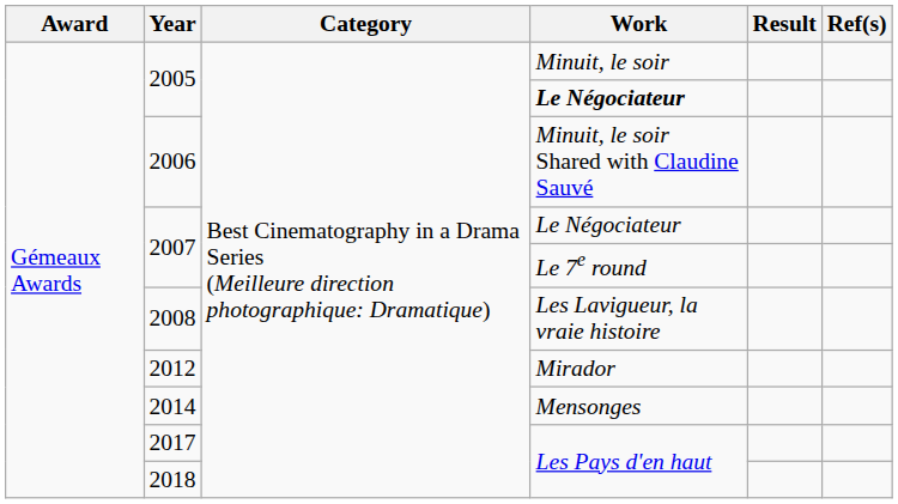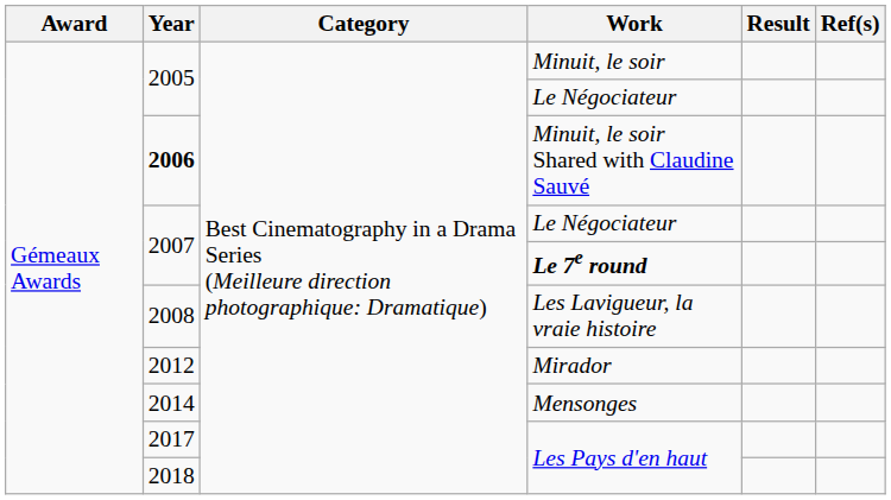 <table class="wikitable plainrowheaders sortable">
 <tr>
 <th>Award</th>
 <th>Year</th>
 <th>Category</th>
 <th>Work</th>
 <th>Result</th>
 <th>Ref(s)</th>
 </tr>
 <tr>
 <td rowspan=10><a href='#'>Gémeaux Awards</a></td>
 <td rowspan=2>2005</td>
 <td rowspan=10>Best Cinematography in a Drama Series<br>(<em>Meilleure direction photographique: Dramatique</em>)</td>
 <td><em>Minuit, le soir</em></td>
 <td></td>
 <td></td>
 </tr>
 <tr>
-<td><strong><em>Le Négociateur</em></strong></td>
+<td><em>Le Négociateur</em></td>
 <td></td>
 <td></td>
 </tr>
 <tr>
-<td>2006</td>
+<td><strong>2006</strong></td>
 <td><em>Minuit, le soir</em><br>Shared with <a href='#'>Claudine Sauvé</a></td>
 <td></td>
 <td></td>
 </tr>
 <tr>
 <td rowspan=2>2007</td>
 <td><em>Le Négociateur</em></td>
 <td></td>
 <td></td>
 </tr>
 <tr>
-<td><em>Le 7<sup>e</sup> round</em></td>
+<td><strong><em>Le 7<sup>e</sup> round</em></strong></td>
 <td></td>
 <td></td>
 </tr>
 <tr>
 <td>2008</td>
 <td><em>Les Lavigueur, la vraie histoire</em></td>
 <td></td>
 <td></td>
 </tr>
 <tr>
 <td>2012</td>
 <td><em>Mirador</em></td>
 <td></td>
 <td></td>
 </tr>
 <tr>
 <td>2014</td>
 <td><em>Mensonges</em></td>
 <td></td>
 <td></td>
 </tr>
 <tr>
 <td>2017</td>
 <td rowspan=2><em><a href='#'>Les Pays d'en haut</a></em></td>
 <td></td>
 <td></td>
 </tr>
 <tr>
 <td>2018</td>
 <td></td>
 <td></td>
 </tr>
 </table>
